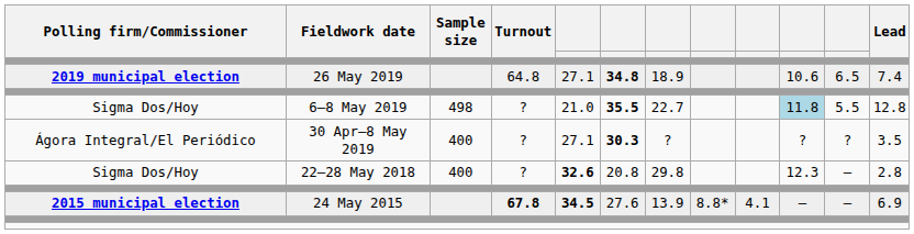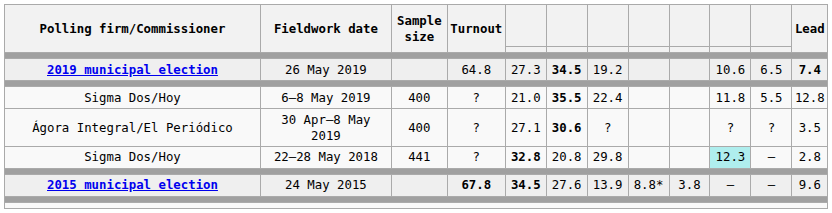 <table class="wikitable collapsible collapsed" style="text-align:center; font-size:95%; line-height:16px;">
 <tr style="height:42px;">
 <th style="width:250px;" rowspan="2">Polling firm/Commissioner</th>
 <th style="width:125px;" rowspan="2">Fieldwork date</th>
 <th style="width:50px;" rowspan="2">Sample size</th>
 <th style="width:45px;" rowspan="2">Turnout</th>
 <th style="width:35px;"></th>
 <th style="width:35px;"></th>
 <th style="width:35px;"></th>
 <th style="width:35px;"></th>
 <th style="width:35px;"></th>
 <th style="width:35px;"></th>
 <th style="width:35px;"></th>
 <th style="width:30px;" rowspan="2">Lead</th>
 </tr>
 <tr>
 <th style="color:inherit;background:"></th>
 <th style="color:inherit;background:"></th>
 <th style="color:inherit;background:"></th>
 <th style="color:inherit;background:"></th>
 <th style="color:inherit;background:"></th>
 <th style="color:inherit;background:"></th>
 <th style="color:inherit;background:"></th>
 </tr>
 <tr>
 <td colspan="12" style="background:#A0A0A0"></td>
 </tr>
 <tr style="background:#EFEFEF;">
 <td><strong><a href='#'>2019 municipal election</a></strong></td>
 <td>26 May 2019</td>
 <td></td>
 <td>64.8</td>
-<td>27.1<br></td>
-<td><strong>34.8</strong><br></td>
-<td>18.9<br></td>
+<td>27.3<br></td>
+<td><strong>34.5</strong><br></td>
+<td>19.2<br></td>
 <td></td>
 <td></td>
 <td>10.6<br></td>
 <td>6.5<br></td>
-<td style="background:">7.4</td>
+<td style="background:"><strong>7.4</strong></td>
 </tr>
 <tr>
 <td colspan="12" style="background:#A0A0A0"></td>
 </tr>
 <tr>
 <td>Sigma Dos/Hoy</td>
 <td>6–8 May 2019</td>
-<td>498</td>
+<td>400</td>
 <td>?</td>
 <td>21.0<br></td>
 <td><strong>35.5</strong><br></td>
-<td>22.7<br></td>
+<td>22.4<br></td>
 <td></td>
 <td></td>
-<td style="background: lightblue;">11.8<br></td>
+<td>11.8<br></td>
 <td>5.5<br></td>
 <td style="background:">12.8</td>
 </tr>
 <tr>
 <td>Ágora Integral/El Periódico</td>
 <td>30 Apr–8 May 2019</td>
 <td>400</td>
 <td>?</td>
 <td>27.1<br></td>
-<td><strong>30.3</strong><br></td>
+<td><strong>30.6</strong><br></td>
 <td>?<br></td>
 <td></td>
 <td></td>
 <td>?<br></td>
 <td>?<br></td>
 <td style="background:">3.5</td>
 </tr>
 <tr>
 <td>Sigma Dos/Hoy</td>
 <td>22–28 May 2018</td>
-<td>400</td>
+<td>441</td>
 <td>?</td>
-<td><strong>32.6</strong><br></td>
+<td><strong>32.8</strong><br></td>
 <td>20.8<br></td>
 <td>29.8<br></td>
 <td></td>
 <td></td>
-<td>12.3<br></td>
+<td style="background: paleturquoise;">12.3<br></td>
 <td>–</td>
 <td style="background:">2.8</td>
 </tr>
 <tr>
 <td colspan="12" style="background:#A0A0A0"></td>
 </tr>
 <tr style="background:#EFEFEF;">
 <td><strong><a href='#'>2015 municipal election</a></strong></td>
 <td>24 May 2015</td>
 <td></td>
 <td><strong>67.8</strong></td>
 <td><strong>34.5</strong><br></td>
 <td>27.6<br></td>
 <td>13.9<br></td>
 <td>8.8*<br></td>
-<td>4.1<br></td>
+<td>3.8<br></td>
 <td>–</td>
 <td>–</td>
-<td style="background:">6.9</td>
+<td style="background:">9.6</td>
 </tr>
 <tr>
 <td colspan="12" style="background:#A0A0A0"></td>
 </tr>
 <tr>
 <td align="left" colspan="12"></td>
 </tr>
 </table>
